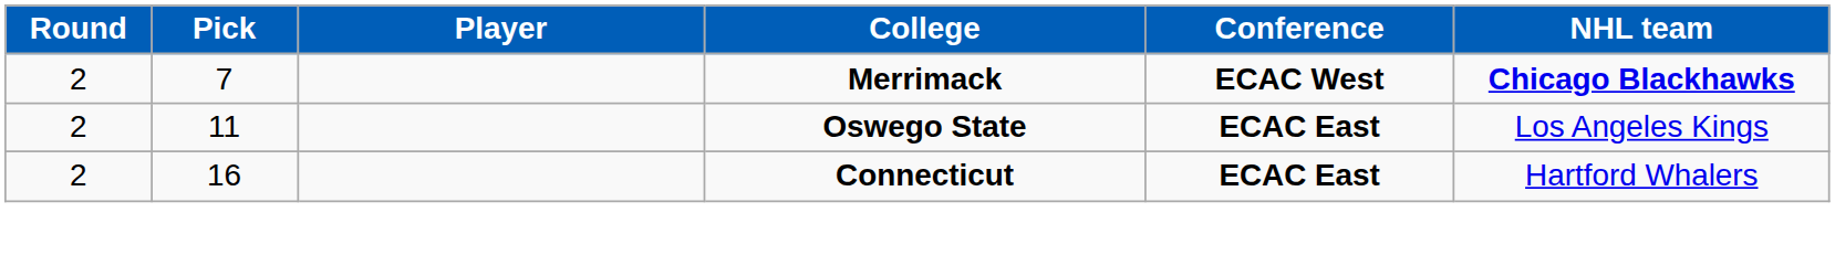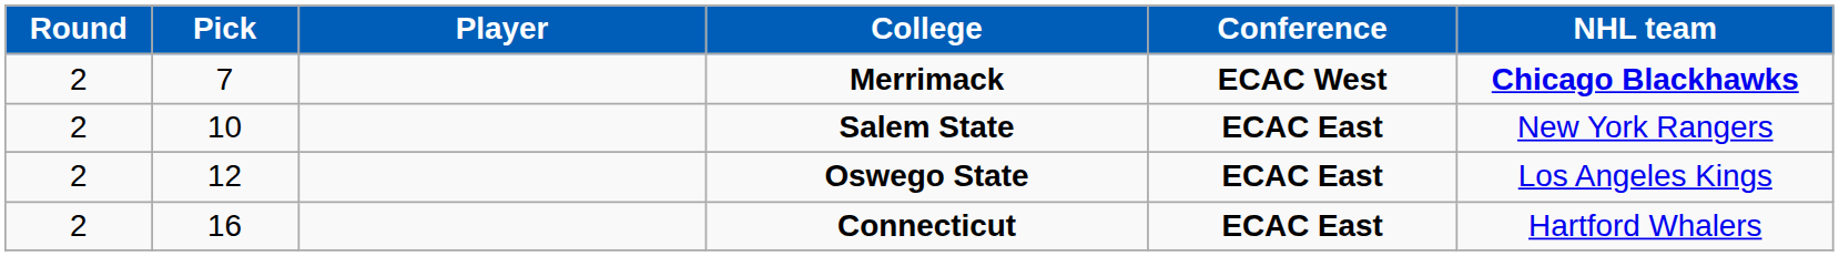 <table class="wikitable sortable" width="75%">
 <tr>
 <th style="color:white; background-color:#005EB8; width: 4em;">Round</th>
 <th style="color:white; background-color:#005EB8; width: 4em;">Pick</th>
 <th style="color:white; background-color:#005EB8; width: 12em;">Player</th>
 <th style="color:white; background-color:#005EB8; width: 13em;">College</th>
 <th style="color:white; background-color:#005EB8; width: 9em;">Conference</th>
 <th style="color:white; background-color:#005EB8; width: 11em;">NHL team</th>
 </tr>
 <tr align="center" bgcolor="">
 <td>2</td>
 <td>7</td>
 <td></td>
 <td><strong>Merrimack</strong></td>
 <td><strong>ECAC West</strong></td>
 <td><strong><a href='#'>Chicago Blackhawks</a></strong></td>
 </tr>
 <tr align="center" bgcolor="">
 <td>2</td>
-<td>11</td>
+<td>10</td>
+<td></td>
+<td><strong>Salem State</strong></td>
+<td><strong>ECAC East</strong></td>
+<td><a href='#'>New York Rangers</a></td>
+</tr>
+<tr align="center" bgcolor="">
+<td>2</td>
+<td>12</td>
 <td></td>
 <td><strong>Oswego State</strong></td>
 <td><strong>ECAC East</strong></td>
 <td><a href='#'>Los Angeles Kings</a></td>
 </tr>
 <tr align="center" bgcolor="">
 <td>2</td>
 <td>16</td>
 <td></td>
 <td><strong>Connecticut</strong></td>
 <td><strong>ECAC East</strong></td>
 <td><a href='#'>Hartford Whalers</a></td>
 </tr>
 </table>
